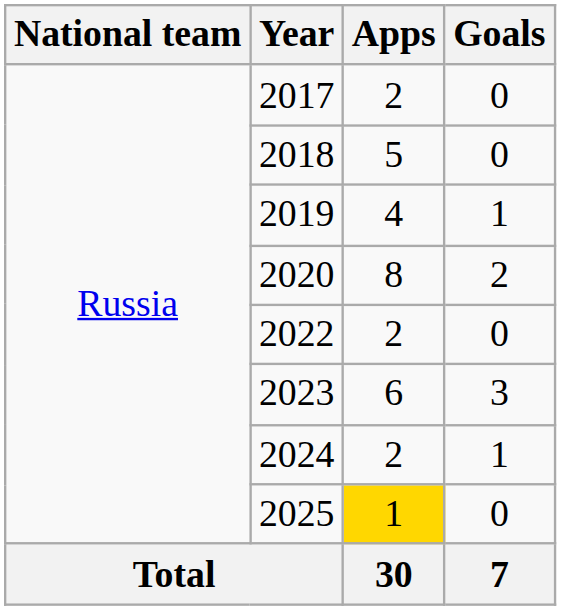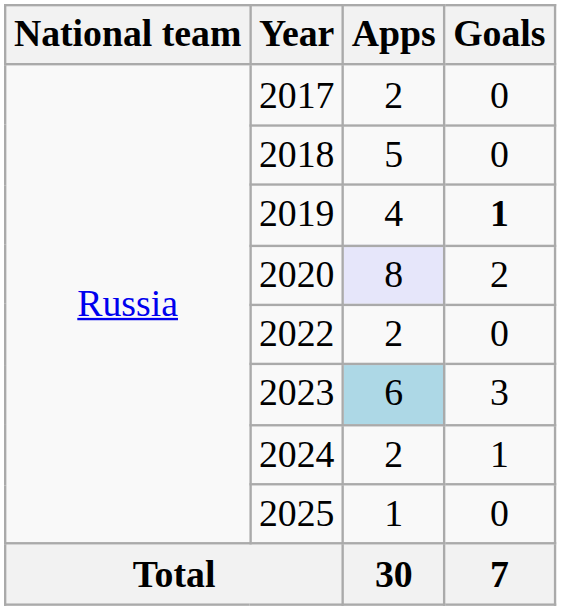 <table class="wikitable" style="text-align:center">
 <tr>
 <th>National team</th>
 <th>Year</th>
 <th>Apps</th>
 <th>Goals</th>
 </tr>
 <tr>
 <td rowspan="8"><a href='#'>Russia</a></td>
 <td>2017</td>
 <td>2</td>
 <td>0</td>
 </tr>
 <tr>
 <td>2018</td>
 <td>5</td>
 <td>0</td>
 </tr>
 <tr>
 <td>2019</td>
 <td>4</td>
-<td>1</td>
+<td><strong>1</strong></td>
 </tr>
 <tr>
 <td>2020</td>
-<td>8</td>
+<td style="background: lavender;">8</td>
 <td>2</td>
 </tr>
 <tr>
 <td>2022</td>
 <td>2</td>
 <td>0</td>
 </tr>
 <tr>
 <td>2023</td>
-<td>6</td>
+<td style="background: lightblue;">6</td>
 <td>3</td>
 </tr>
 <tr>
 <td>2024</td>
 <td>2</td>
 <td>1</td>
 </tr>
 <tr>
 <td>2025</td>
-<td style="background: gold;">1</td>
+<td>1</td>
 <td>0</td>
 </tr>
 <tr>
 <th colspan="2">Total</th>
 <th>30</th>
 <th>7</th>
 </tr>
 </table>
